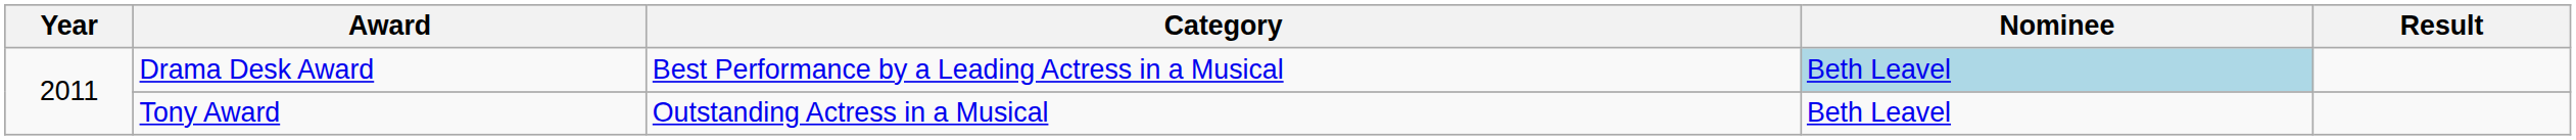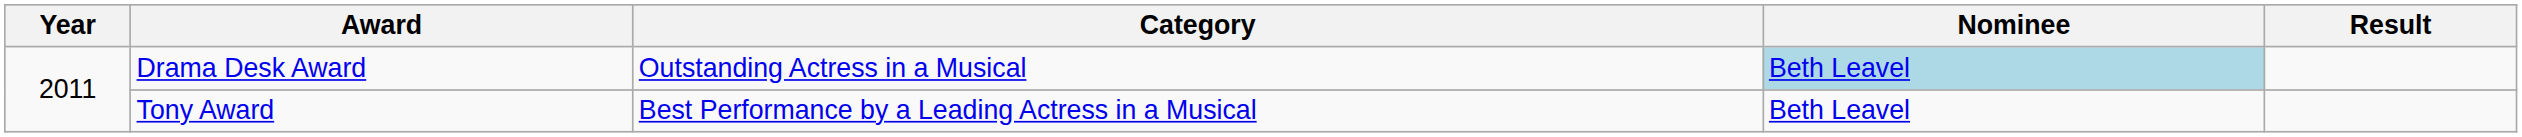 <table class="wikitable" width="95%">
 <tr>
 <th width="5%">Year</th>
 <th width="20%">Award</th>
 <th width="45%">Category</th>
 <th width="20%">Nominee</th>
 <th width="10%">Result</th>
 </tr>
 <tr>
 <td rowspan="2" align="center">2011</td>
 <td rowspan="1"><a href='#'>Drama Desk Award</a></td>
-<td colspan="1"><a href='#'>Best Performance by a Leading Actress in a Musical</a></td>
+<td colspan="1"><a href='#'>Outstanding Actress in a Musical</a></td>
 <td style="background: lightblue;"><a href='#'>Beth Leavel</a></td>
 <td></td>
 </tr>
 <tr>
 <td rowspan="1"><a href='#'>Tony Award</a></td>
-<td colspan="1"><a href='#'>Outstanding Actress in a Musical</a></td>
+<td colspan="1"><a href='#'>Best Performance by a Leading Actress in a Musical</a></td>
 <td><a href='#'>Beth Leavel</a></td>
 <td></td>
 </tr>
 </table>
